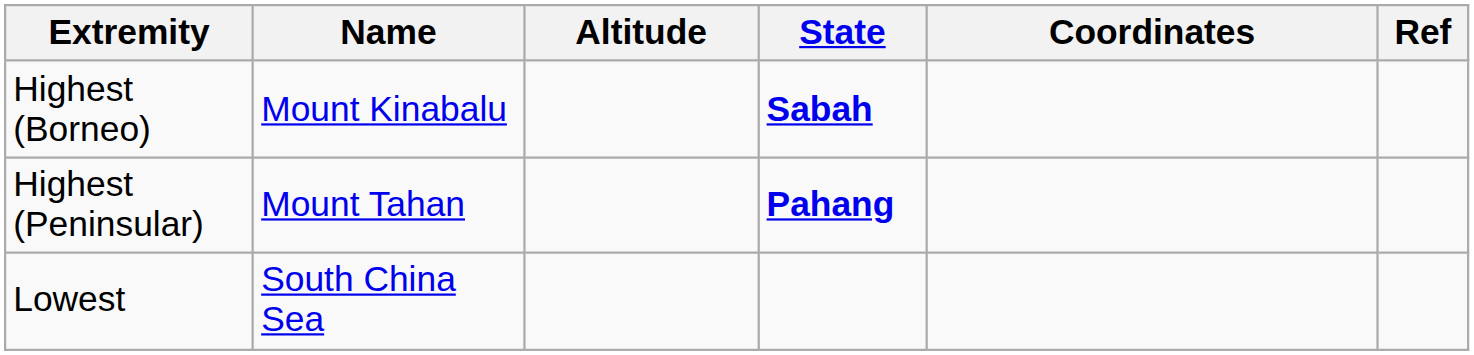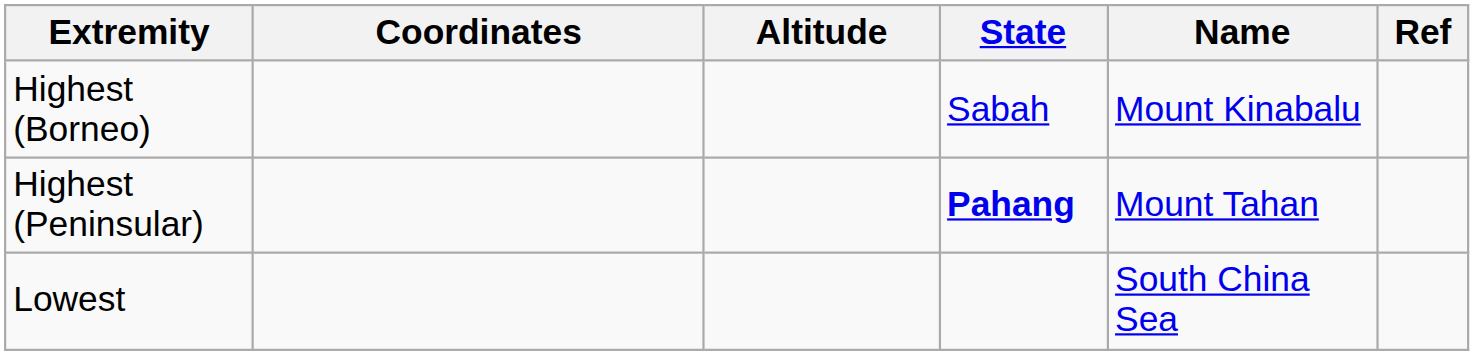 <table class = "wikitable  sortable" width="75%">
 <tr>
 <th width="12%" class="unsortable">Extremity</th>
-<th width="15%">Name</th>
+<th width="25%" class="unsortable">Coordinates</th>
 <th width="13%">Altitude</th>
 <th width="7%" class="unsortable"><a href='#'>State</a></th>
-<th width="25%" class="unsortable">Coordinates</th>
+<th width="15%">Name</th>
 <th width="5%" class="unsortable">Ref</th>
 </tr>
 <tr class="vcard">
 <td>Highest (Borneo)</td>
+<td></td>
+<td></td>
+<td><a href='#'>Sabah</a></td>
 <td class="fn org"><a href='#'>Mount Kinabalu</a></td>
-<td></td>
-<td><strong><a href='#'>Sabah</a></strong></td>
-<td></td>
 <td></td>
 </tr>
 <tr class="vcard">
 <td>Highest (Peninsular)</td>
-<td class="fn org"><a href='#'>Mount Tahan</a></td>
+<td></td>
 <td></td>
 <td><strong><a href='#'>Pahang</a></strong></td>
-<td></td>
+<td class="fn org"><a href='#'>Mount Tahan</a></td>
 <td></td>
 </tr>
 <tr class="vcard">
 <td>Lowest</td>
-<td class="fn org"><a href='#'>South China Sea</a></td>
 <td></td>
 <td></td>
 <td></td>
+<td class="fn org"><a href='#'>South China Sea</a></td>
 <td><br> </td>
 </tr>
 </table>
